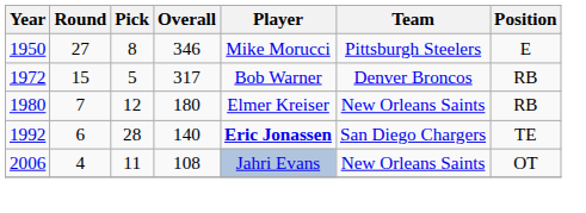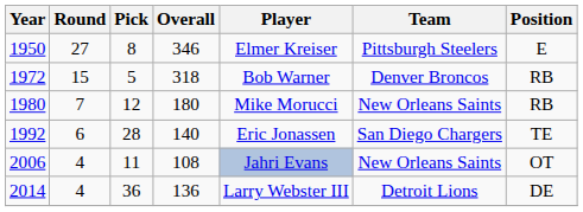 <table class="wikitable sortable" style="text-align: center;">
 <tr>
 <th>Year</th>
 <th>Round</th>
 <th>Pick</th>
 <th>Overall</th>
 <th>Player</th>
 <th>Team</th>
 <th>Position</th>
 </tr>
 <tr>
 <td><a href='#'>1950</a></td>
 <td>27</td>
 <td>8</td>
 <td>346</td>
-<td><a href='#'>Mike Morucci</a></td>
+<td><a href='#'>Elmer Kreiser</a></td>
 <td><a href='#'>Pittsburgh Steelers</a></td>
 <td>E</td>
 </tr>
 <tr>
 <td><a href='#'>1972</a></td>
 <td>15</td>
 <td>5</td>
-<td>317</td>
+<td>318</td>
 <td><a href='#'>Bob Warner</a></td>
 <td><a href='#'>Denver Broncos</a></td>
 <td>RB</td>
 </tr>
 <tr>
 <td><a href='#'>1980</a></td>
 <td>7</td>
 <td>12</td>
 <td>180</td>
-<td><a href='#'>Elmer Kreiser</a></td>
+<td><a href='#'>Mike Morucci</a></td>
 <td><a href='#'>New Orleans Saints</a></td>
 <td>RB</td>
 </tr>
 <tr>
 <td><a href='#'>1992</a></td>
 <td>6</td>
 <td>28</td>
 <td>140</td>
-<td><strong><a href='#'>Eric Jonassen</a></strong></td>
+<td><a href='#'>Eric Jonassen</a></td>
 <td><a href='#'>San Diego Chargers</a></td>
 <td>TE</td>
 </tr>
 <tr>
 <td><a href='#'>2006</a></td>
 <td>4</td>
 <td>11</td>
 <td>108</td>
 <td style="background-color:lightsteelblue;"><a href='#'>Jahri Evans</a></td>
 <td><a href='#'>New Orleans Saints</a></td>
 <td>OT</td>
 </tr>
 <tr>
+<td><a href='#'>2014</a></td>
+<td>4</td>
+<td>36</td>
+<td>136</td>
+<td><a href='#'>Larry Webster III</a></td>
+<td><a href='#'>Detroit Lions</a></td>
+<td>DE</td>
+</tr>
+<tr>
 </tr>
 </table>
